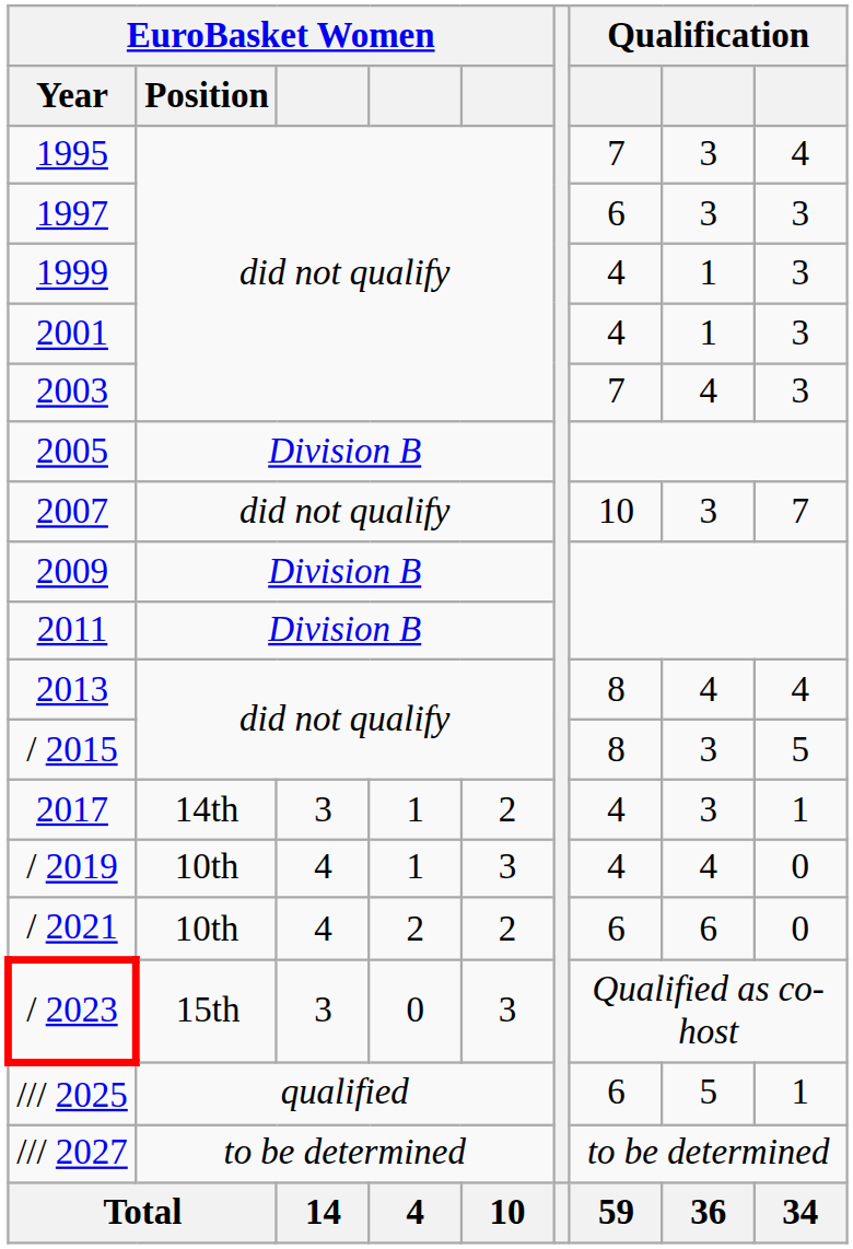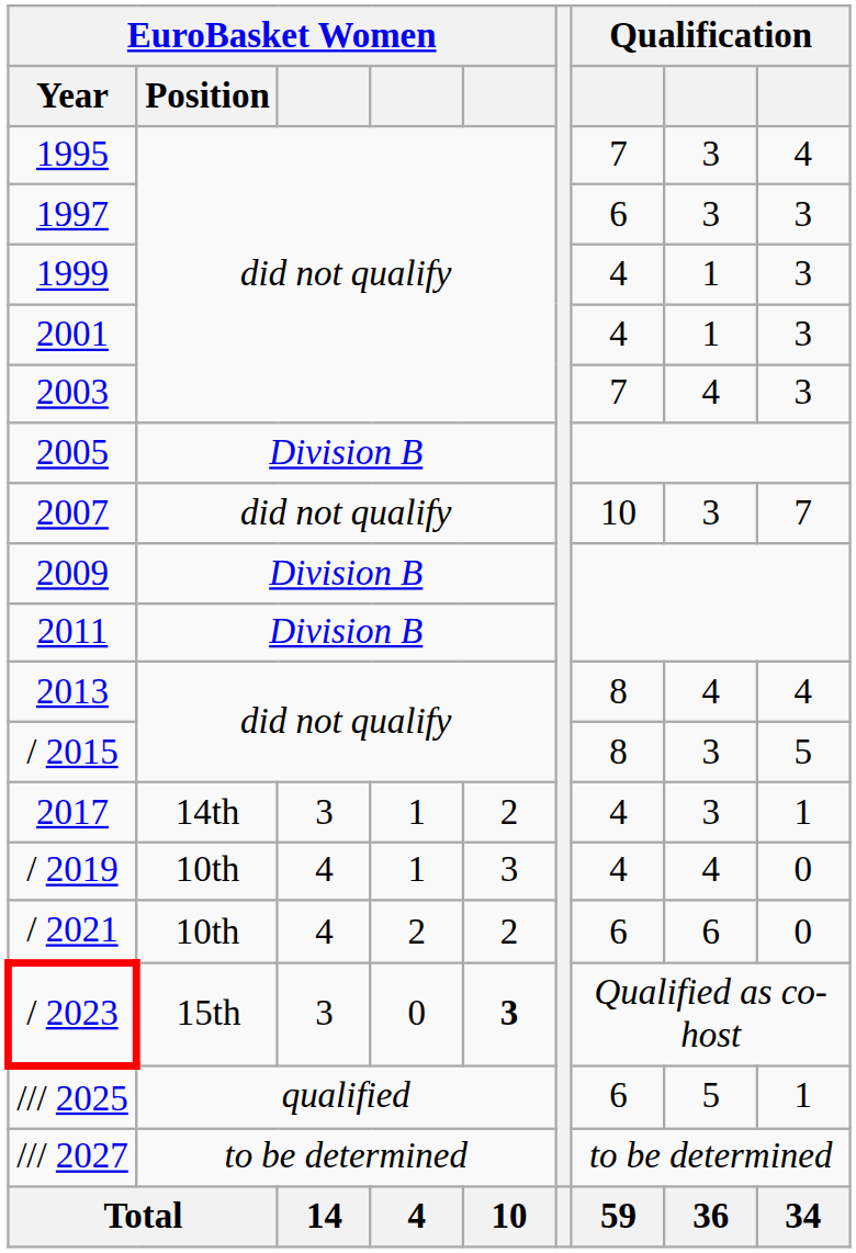 <table class="wikitable" style="text-align: center;font-size:90%;">
 <tr>
 <th colspan=5><a href='#'>EuroBasket Women</a></th>
 <th rowspan=19></th>
 <th colspan=3>Qualification</th>
 </tr>
 <tr>
 <th>Year</th>
 <th>Position</th>
 <th width=30></th>
 <th width=30></th>
 <th width=30></th>
 <th width=30></th>
 <th width=30></th>
 <th width=30></th>
 </tr>
 <tr>
 <td> <a href='#'>1995</a></td>
 <td colspan=4 rowspan=5><em>did not qualify</em></td>
 <td>7</td>
 <td>3</td>
 <td>4</td>
 </tr>
 <tr>
 <td> <a href='#'>1997</a></td>
 <td>6</td>
 <td>3</td>
 <td>3</td>
 </tr>
 <tr>
 <td> <a href='#'>1999</a></td>
 <td>4</td>
 <td>1</td>
 <td>3</td>
 </tr>
 <tr>
 <td> <a href='#'>2001</a></td>
 <td>4</td>
 <td>1</td>
 <td>3</td>
 </tr>
 <tr>
 <td> <a href='#'>2003</a></td>
 <td>7</td>
 <td>4</td>
 <td>3</td>
 </tr>
 <tr>
 <td> <a href='#'>2005</a></td>
 <td colspan=4><em><a href='#'>Division B</a></em></td>
 </tr>
 <tr>
 <td> <a href='#'>2007</a></td>
 <td colspan=4><em>did not qualify</em></td>
 <td>10</td>
 <td>3</td>
 <td>7</td>
 </tr>
 <tr>
 <td> <a href='#'>2009</a></td>
 <td colspan=4><em><a href='#'>Division B</a></em></td>
 </tr>
 <tr>
 <td> <a href='#'>2011</a></td>
 <td colspan=4><em><a href='#'>Division B</a></em></td>
 </tr>
 <tr>
 <td> <a href='#'>2013</a></td>
 <td colspan=4 rowspan=2><em>did not qualify</em></td>
 <td>8</td>
 <td>4</td>
 <td>4</td>
 </tr>
 <tr>
 <td>/ <a href='#'>2015</a></td>
 <td>8</td>
 <td>3</td>
 <td>5</td>
 </tr>
 <tr>
 <td> <a href='#'>2017</a></td>
 <td>14th</td>
 <td>3</td>
 <td>1</td>
 <td>2</td>
 <td>4</td>
 <td>3</td>
 <td>1</td>
 </tr>
 <tr>
 <td>/ <a href='#'>2019</a></td>
 <td>10th</td>
 <td>4</td>
 <td>1</td>
 <td>3</td>
 <td>4</td>
 <td>4</td>
 <td>0</td>
 </tr>
 <tr>
 <td>/ <a href='#'>2021</a></td>
 <td>10th</td>
 <td>4</td>
 <td>2</td>
 <td>2</td>
 <td>6</td>
 <td>6</td>
 <td>0</td>
 </tr>
 <tr align=center>
 <td style="border: 3px solid red">/ <a href='#'>2023</a></td>
 <td>15th</td>
 <td>3</td>
 <td>0</td>
-<td>3</td>
+<td><strong>3</strong></td>
 <td colspan=3><em>Qualified as co-host</em></td>
 </tr>
 <tr>
 <td>/// <a href='#'>2025</a></td>
 <td colspan=4><em>qualified</em></td>
 <td>6</td>
 <td>5</td>
 <td>1</td>
 </tr>
 <tr>
 <td>/// <a href='#'>2027</a></td>
 <td colspan=4><em>to be determined</em></td>
 <td colspan=3><em>to be determined</em></td>
 </tr>
 <tr>
 <th colspan=2>Total</th>
 <th>14</th>
 <th>4</th>
 <th>10</th>
 <th></th>
 <th>59</th>
 <th>36</th>
 <th>34</th>
 </tr>
 </table>
